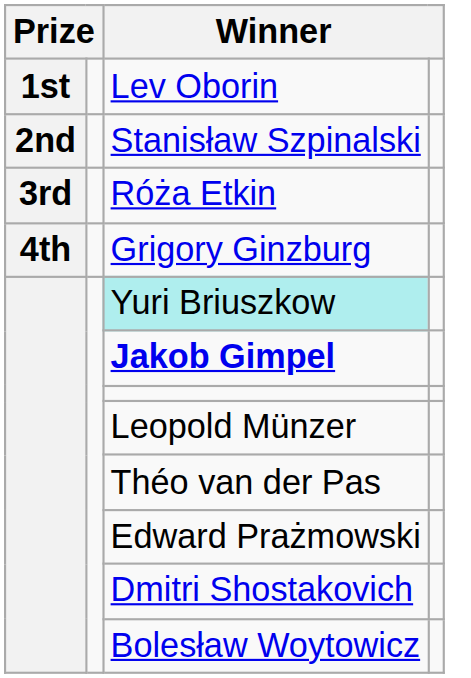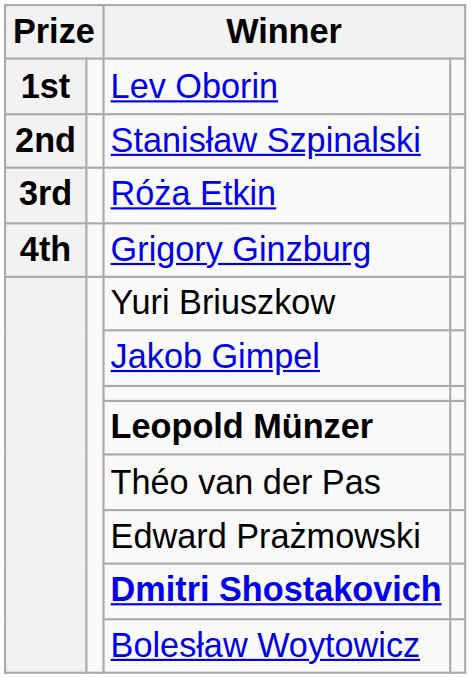 <table class="wikitable">
 <tr>
 <th colspan="2">Prize</th>
 <th colspan="2">Winner</th>
 </tr>
 <tr>
 <th>1st</th>
 <td></td>
 <td><a href='#'>Lev Oborin</a></td>
 <td></td>
 </tr>
 <tr>
 <th>2nd</th>
 <td></td>
 <td><a href='#'>Stanisław Szpinalski</a></td>
 <td></td>
 </tr>
 <tr>
 <th>3rd</th>
 <td></td>
 <td><a href='#'>Róża Etkin</a></td>
 <td></td>
 </tr>
 <tr>
 <th>4th</th>
 <td></td>
 <td><a href='#'>Grigory Ginzburg</a></td>
 <td></td>
 </tr>
 <tr>
 <th rowspan="8"></th>
 <td rowspan="8"></td>
-<td style="background: paleturquoise;">Yuri Briuszkow</td>
+<td>Yuri Briuszkow</td>
 <td></td>
 </tr>
 <tr>
-<td><strong><a href='#'>Jakob Gimpel</a></strong></td>
+<td><a href='#'>Jakob Gimpel</a></td>
 <td></td>
 </tr>
 <tr>
 <td></td>
 <td></td>
 </tr>
 <tr>
-<td>Leopold Münzer</td>
+<td><strong>Leopold Münzer</strong></td>
 <td></td>
 </tr>
 <tr>
 <td>Théo van der Pas</td>
 <td></td>
 </tr>
 <tr>
 <td>Edward Prażmowski</td>
 <td></td>
 </tr>
 <tr>
-<td><a href='#'>Dmitri Shostakovich</a></td>
+<td><strong><a href='#'>Dmitri Shostakovich</a></strong></td>
 <td></td>
 </tr>
 <tr>
 <td><a href='#'>Bolesław Woytowicz</a></td>
 <td></td>
 </tr>
 </table>
